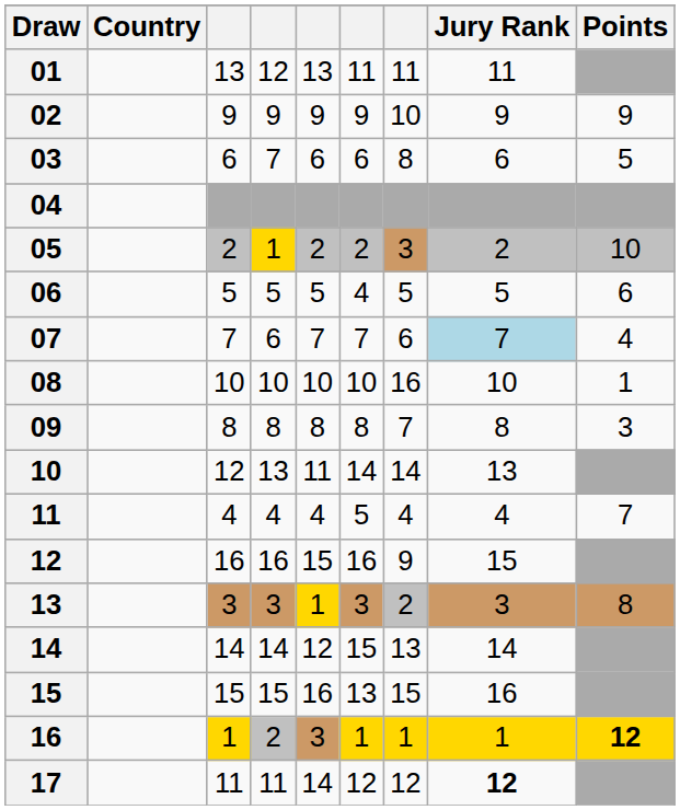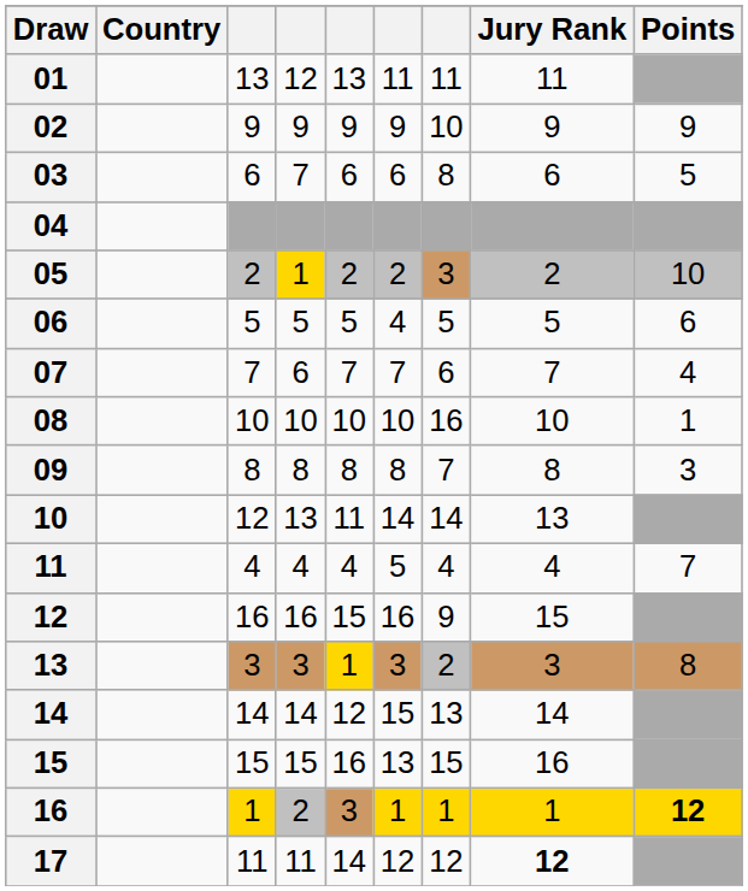 <table class="sortable wikitable collapsible plainrowheaders" style="text-align:center;">
 <tr>
 </tr>
 <tr>
 <th scope="col">Draw</th>
 <th scope="col">Country</th>
 <th scope="col"><small></small></th>
 <th scope="col"><small></small></th>
 <th scope="col"><small></small></th>
 <th scope="col"><small></small></th>
 <th scope="col"><small></small></th>
 <th scope="col">Jury Rank</th>
 <th scope="col">Points</th>
 </tr>
 <tr>
 <th scope="row" style="text-align:center;">01</th>
 <td style="text-align:left;"></td>
 <td>13</td>
 <td>12</td>
 <td>13</td>
 <td>11</td>
 <td>11</td>
 <td>11</td>
 <td style="background:#AAAAAA;"></td>
 </tr>
 <tr>
 <th scope="row" style="text-align:center;">02</th>
 <td style="text-align:left;"></td>
 <td>9</td>
 <td>9</td>
 <td>9</td>
 <td>9</td>
 <td>10</td>
 <td>9</td>
 <td>9</td>
 </tr>
 <tr>
 <th scope="row" style="text-align:center;">03</th>
 <td style="text-align:left;"></td>
 <td>6</td>
 <td>7</td>
 <td>6</td>
 <td>6</td>
 <td>8</td>
 <td>6</td>
 <td>5</td>
 </tr>
 <tr class="sortbottom">
 <th scope="row" style="text-align:center;">04</th>
 <td style="text-align:left;"></td>
 <td style="background:#AAAAAA;"></td>
 <td style="background:#AAAAAA;"></td>
 <td style="background:#AAAAAA;"></td>
 <td style="background:#AAAAAA;"></td>
 <td style="background:#AAAAAA;"></td>
 <td style="background:#AAAAAA;"></td>
 <td style="background:#AAAAAA;"></td>
 </tr>
 <tr>
 <th scope="row" style="text-align:center;">05</th>
 <td style="text-align:left;"></td>
 <td style="background:silver;">2</td>
 <td style="background:gold;">1</td>
 <td style="background:silver;">2</td>
 <td style="background:silver;">2</td>
 <td style="background:#CC9966;">3</td>
 <td style="background:silver;">2</td>
 <td style="background:silver;">10</td>
 </tr>
 <tr>
 <th scope="row" style="text-align:center;">06</th>
 <td style="text-align:left;"></td>
 <td>5</td>
 <td>5</td>
 <td>5</td>
 <td>4</td>
 <td>5</td>
 <td>5</td>
 <td>6</td>
 </tr>
 <tr>
 <th scope="row" style="text-align:center;">07</th>
 <td style="text-align:left;"></td>
 <td>7</td>
 <td>6</td>
 <td>7</td>
 <td>7</td>
 <td>6</td>
-<td style="background: lightblue;">7</td>
+<td>7</td>
 <td>4</td>
 </tr>
 <tr>
 <th scope="row" style="text-align:center;">08</th>
 <td style="text-align:left;"></td>
 <td>10</td>
 <td>10</td>
 <td>10</td>
 <td>10</td>
 <td>16</td>
 <td>10</td>
 <td>1</td>
 </tr>
 <tr>
 <th scope="row" style="text-align:center;">09</th>
 <td style="text-align:left;"></td>
 <td>8</td>
 <td>8</td>
 <td>8</td>
 <td>8</td>
 <td>7</td>
 <td>8</td>
 <td>3</td>
 </tr>
 <tr>
 <th scope="row" style="text-align:center;">10</th>
 <td style="text-align:left;"></td>
 <td>12</td>
 <td>13</td>
 <td>11</td>
 <td>14</td>
 <td>14</td>
 <td>13</td>
 <td style="background:#AAAAAA;"></td>
 </tr>
 <tr>
 <th scope="row" style="text-align:center;">11</th>
 <td style="text-align:left;"></td>
 <td>4</td>
 <td>4</td>
 <td>4</td>
 <td>5</td>
 <td>4</td>
 <td>4</td>
 <td>7</td>
 </tr>
 <tr>
 <th scope="row" style="text-align:center;">12</th>
 <td style="text-align:left;"></td>
 <td>16</td>
 <td>16</td>
 <td>15</td>
 <td>16</td>
 <td>9</td>
 <td>15</td>
 <td style="background:#AAAAAA;"></td>
 </tr>
 <tr>
 <th scope="row" style="text-align:center;">13</th>
 <td style="text-align:left;"></td>
 <td style="background:#CC9966;">3</td>
 <td style="background:#CC9966;">3</td>
 <td style="background:gold;">1</td>
 <td style="background:#CC9966;">3</td>
 <td style="background:silver;">2</td>
 <td style="background:#CC9966;">3</td>
 <td style="background:#CC9966;">8</td>
 </tr>
 <tr>
 <th scope="row" style="text-align:center;">14</th>
 <td style="text-align:left;"></td>
 <td>14</td>
 <td>14</td>
 <td>12</td>
 <td>15</td>
 <td>13</td>
 <td>14</td>
 <td style="background:#AAAAAA;"></td>
 </tr>
 <tr>
 <th scope="row" style="text-align:center;">15</th>
 <td style="text-align:left;"></td>
 <td>15</td>
 <td>15</td>
 <td>16</td>
 <td>13</td>
 <td>15</td>
 <td>16</td>
 <td style="background:#AAAAAA;"></td>
 </tr>
 <tr>
 <th scope="row" style="text-align:center;">16</th>
 <td style="text-align:left;"></td>
 <td style="background:gold;">1</td>
 <td style="background:silver;">2</td>
 <td style="background:#CC9966;">3</td>
 <td style="background:gold;">1</td>
 <td style="background:gold;">1</td>
 <td style="background:gold;">1</td>
 <td style="background:gold;"><strong>12</strong></td>
 </tr>
 <tr>
 <th scope="row" style="text-align:center;">17</th>
 <td style="text-align:left;"></td>
 <td>11</td>
 <td>11</td>
 <td>14</td>
 <td>12</td>
 <td>12</td>
 <td><strong>12</strong></td>
 <td style="background:#AAAAAA;"></td>
 </tr>
 </table>
